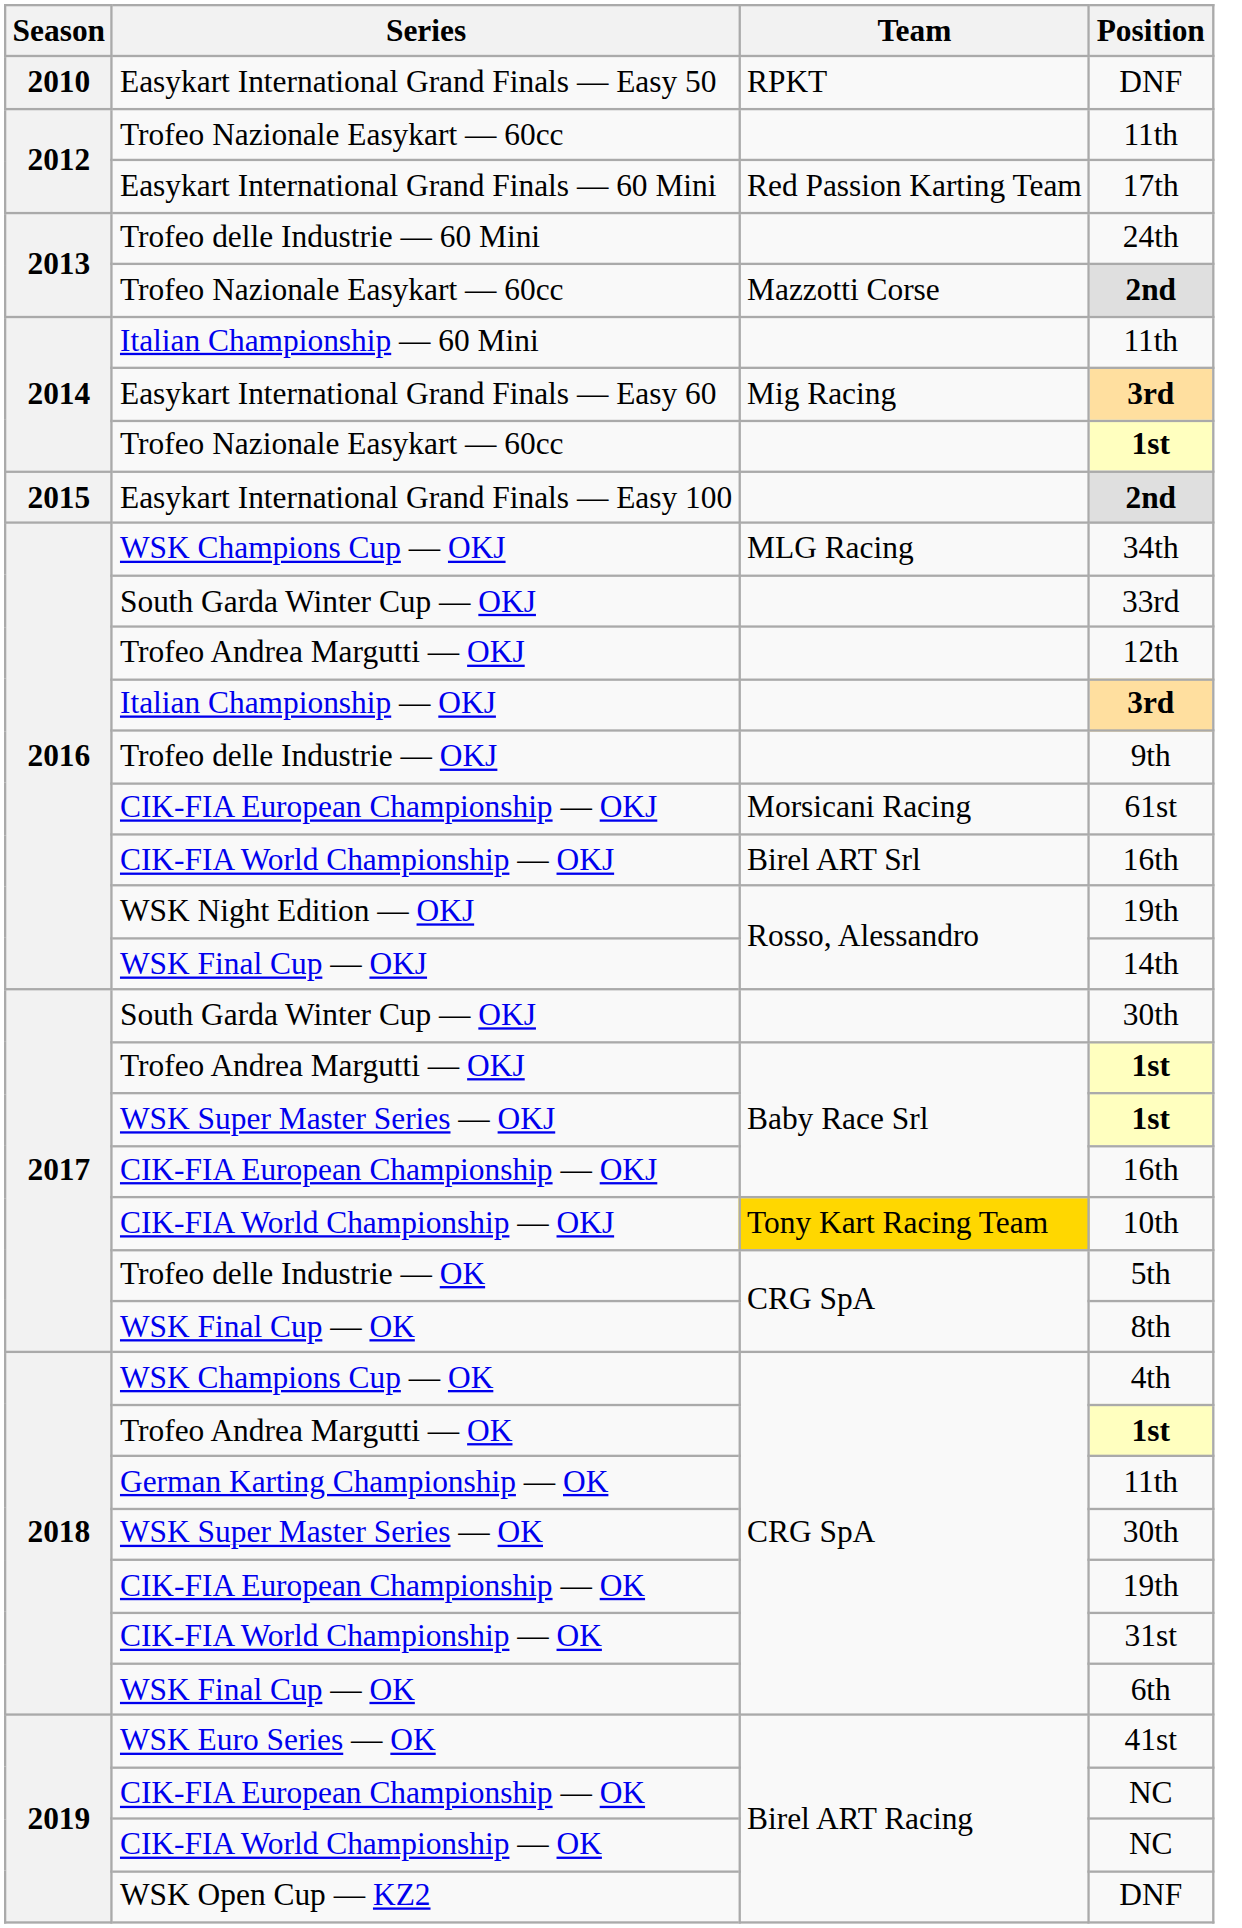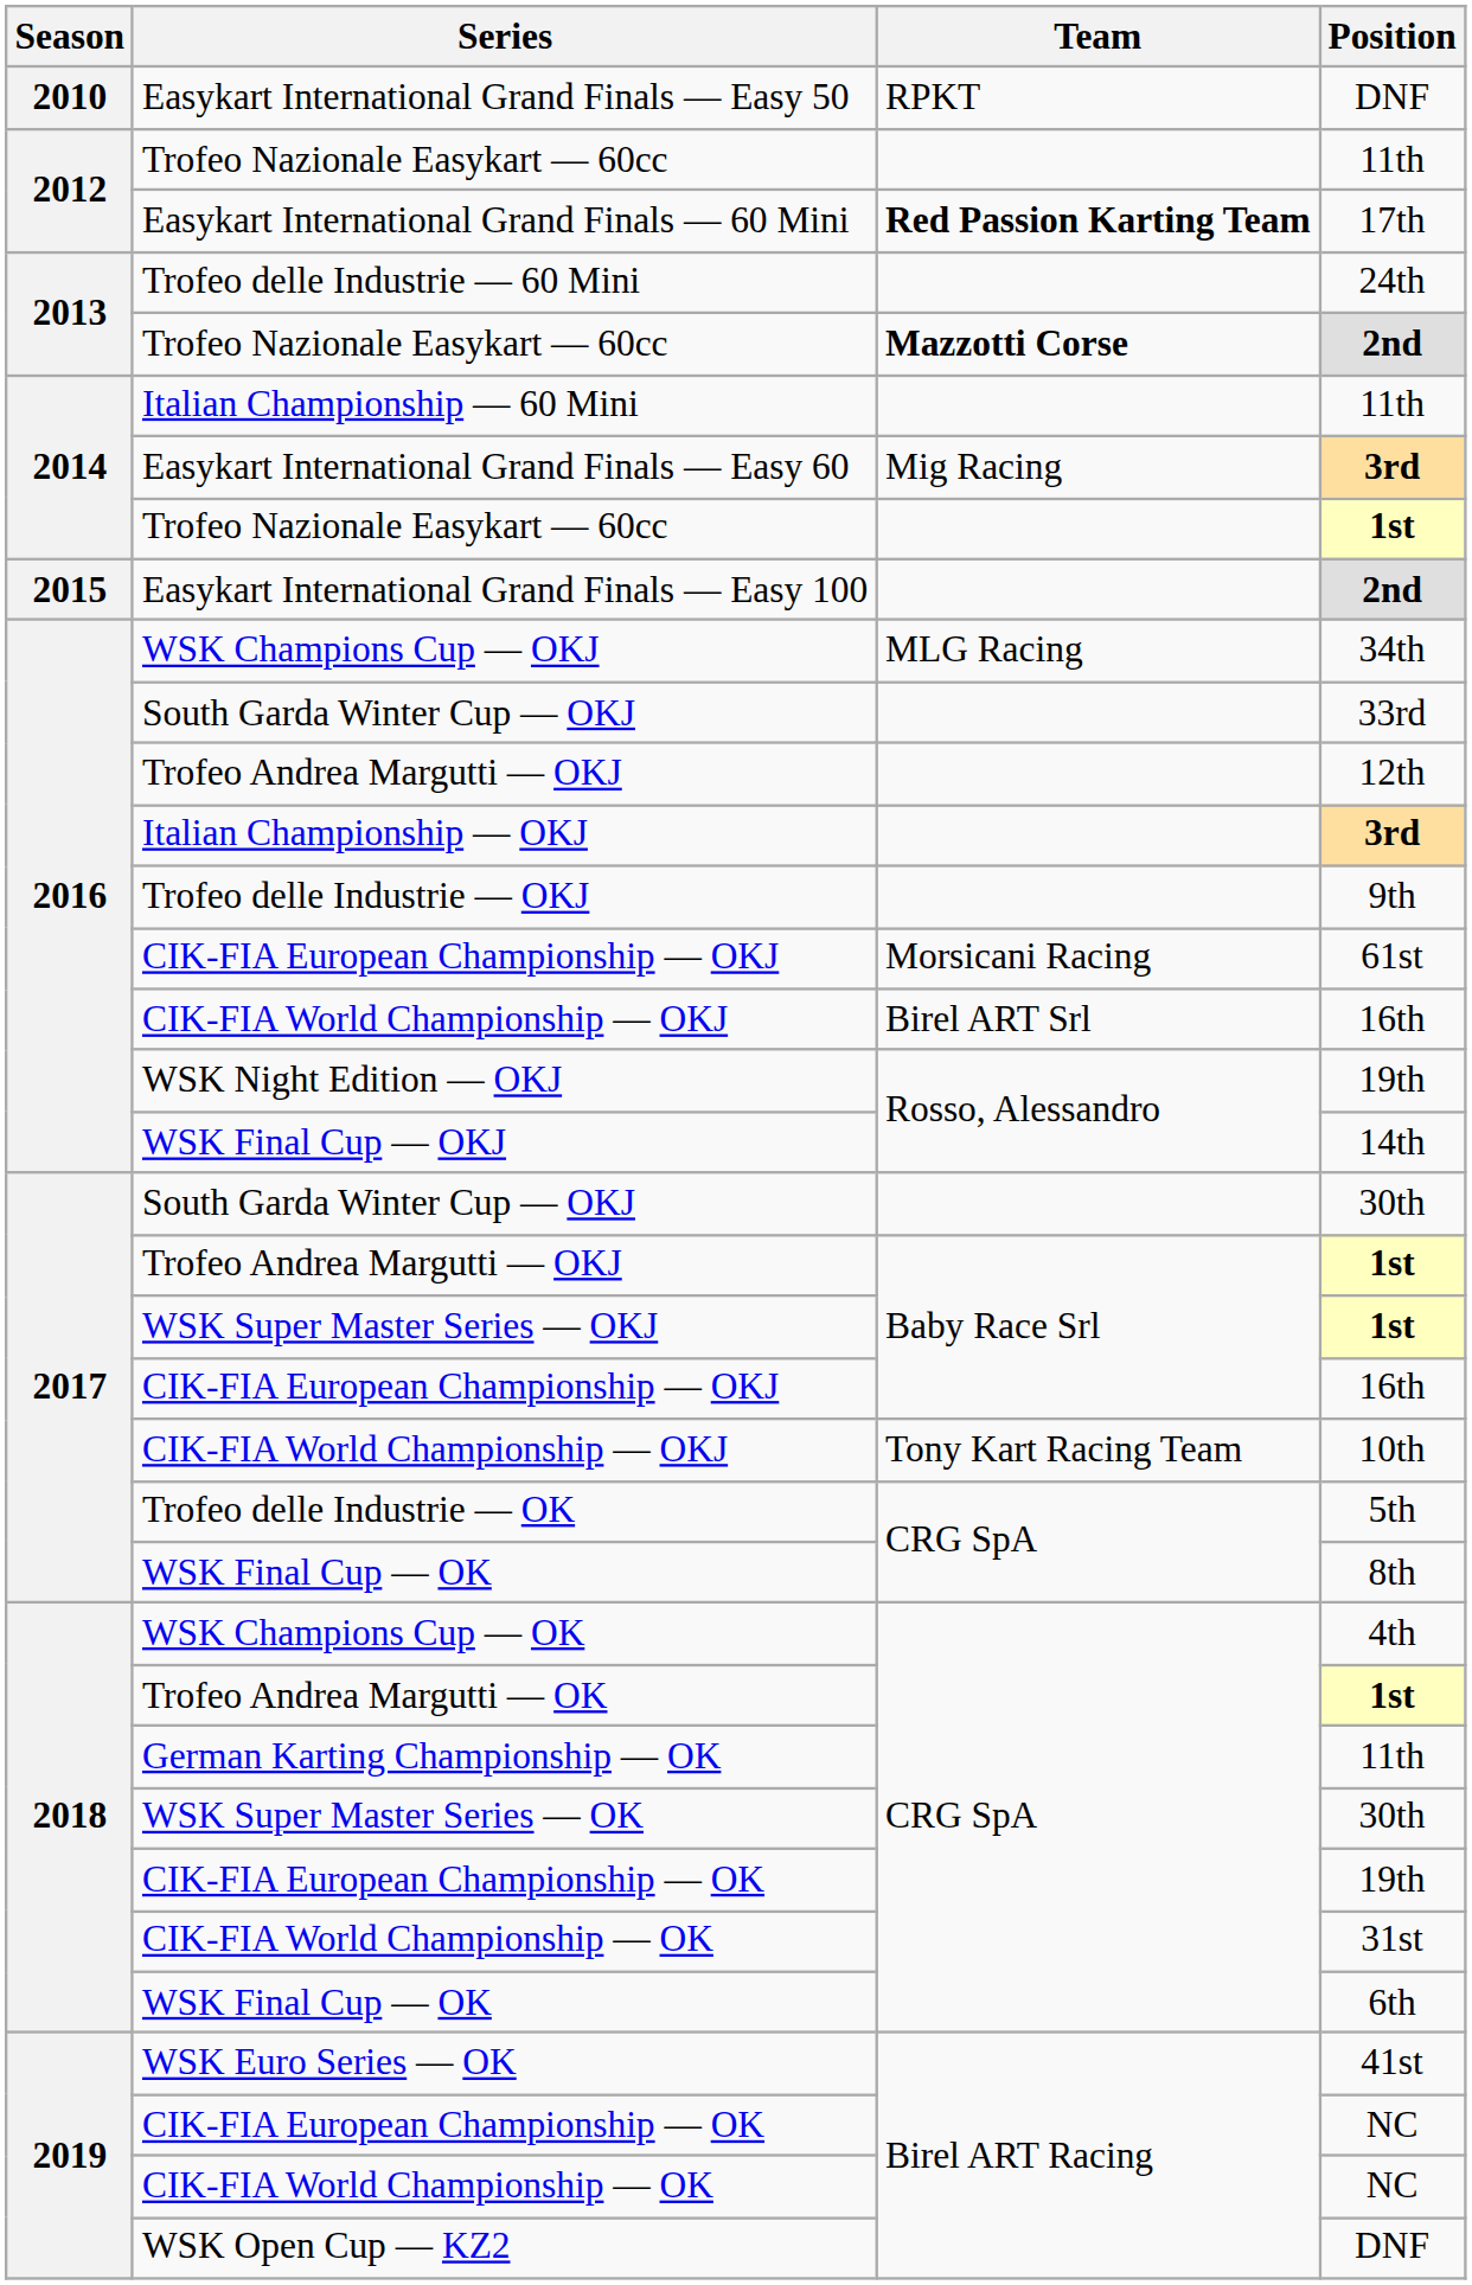 <table class="wikitable" style="font-size: 85%; text-align:center">
 <tr>
 <th>Season</th>
 <th>Series</th>
 <th>Team</th>
 <th>Position</th>
 </tr>
 <tr>
 <th>2010</th>
 <td align="left">Easykart International Grand Finals — Easy 50</td>
 <td align="left">RPKT</td>
 <td>DNF</td>
 </tr>
 <tr>
 <th rowspan="2">2012</th>
 <td align="left">Trofeo Nazionale Easykart — 60cc</td>
 <td align="left"></td>
 <td>11th</td>
 </tr>
 <tr>
 <td align="left">Easykart International Grand Finals — 60 Mini</td>
-<td>Red Passion Karting Team</td>
+<td><strong>Red Passion Karting Team</strong></td>
 <td>17th</td>
 </tr>
 <tr>
 <th rowspan="2">2013</th>
 <td align="left">Trofeo delle Industrie — 60 Mini</td>
 <td></td>
 <td>24th</td>
 </tr>
 <tr>
 <td align="left">Trofeo Nazionale Easykart — 60cc</td>
-<td align="left">Mazzotti Corse</td>
+<td align="left"><strong>Mazzotti Corse</strong></td>
 <td style="background:#DFDFDF;"><strong>2nd</strong></td>
 </tr>
 <tr>
 <th rowspan="3">2014</th>
 <td align="left"><a href='#'>Italian Championship</a> — 60 Mini</td>
 <td></td>
 <td>11th</td>
 </tr>
 <tr>
 <td align="left">Easykart International Grand Finals — Easy 60</td>
 <td align="left">Mig Racing</td>
 <td style="background:#FFDF9F;"><strong>3rd</strong></td>
 </tr>
 <tr>
 <td align="left">Trofeo Nazionale Easykart — 60cc</td>
 <td align="left"></td>
 <td style="background:#FFFFBF;"><strong>1st</strong></td>
 </tr>
 <tr>
 <th>2015</th>
 <td align="left">Easykart International Grand Finals — Easy 100</td>
 <td align="left"></td>
 <td style="background:#DFDFDF;"><strong>2nd</strong></td>
 </tr>
 <tr>
 <th rowspan="9">2016</th>
 <td align="left"><a href='#'>WSK Champions Cup</a> — <a href='#'>OKJ</a></td>
 <td align="left">MLG Racing</td>
 <td>34th</td>
 </tr>
 <tr>
 <td align="left">South Garda Winter Cup — <a href='#'>OKJ</a></td>
 <td align="left"></td>
 <td>33rd</td>
 </tr>
 <tr>
 <td align="left">Trofeo Andrea Margutti — <a href='#'>OKJ</a></td>
 <td></td>
 <td>12th</td>
 </tr>
 <tr>
 <td align="left"><a href='#'>Italian Championship</a> — <a href='#'>OKJ</a></td>
 <td align="left"></td>
 <td style="background:#FFDF9F;"><strong>3rd</strong></td>
 </tr>
 <tr>
 <td align="left">Trofeo delle Industrie — <a href='#'>OKJ</a></td>
 <td align="left"></td>
 <td>9th</td>
 </tr>
 <tr>
 <td align="left"><a href='#'>CIK-FIA European Championship</a> — <a href='#'>OKJ</a></td>
 <td align="left">Morsicani Racing</td>
 <td>61st</td>
 </tr>
 <tr>
 <td align="left"><a href='#'>CIK-FIA World Championship</a> — <a href='#'>OKJ</a></td>
 <td align="left">Birel ART Srl</td>
 <td>16th</td>
 </tr>
 <tr>
 <td align="left">WSK Night Edition — <a href='#'>OKJ</a></td>
 <td rowspan="2"  align="left">Rosso, Alessandro</td>
 <td>19th</td>
 </tr>
 <tr>
 <td align="left"><a href='#'>WSK Final Cup</a> — <a href='#'>OKJ</a></td>
 <td>14th</td>
 </tr>
 <tr>
 <th rowspan="7">2017</th>
 <td align="left">South Garda Winter Cup — <a href='#'>OKJ</a></td>
 <td align="left"></td>
 <td>30th</td>
 </tr>
 <tr>
 <td align="left">Trofeo Andrea Margutti — <a href='#'>OKJ</a></td>
 <td rowspan="3" align="left">Baby Race Srl</td>
 <td style="background:#FFFFBF;"><strong>1st</strong></td>
 </tr>
 <tr>
 <td align="left"><a href='#'>WSK Super Master Series</a> — <a href='#'>OKJ</a></td>
 <td style="background:#FFFFBF;"><strong>1st</strong></td>
 </tr>
 <tr>
 <td align="left"><a href='#'>CIK-FIA European Championship</a> — <a href='#'>OKJ</a></td>
 <td>16th</td>
 </tr>
 <tr>
 <td align="left"><a href='#'>CIK-FIA World Championship</a> — <a href='#'>OKJ</a></td>
-<td align="left" style="background: gold;">Tony Kart Racing Team</td>
+<td align="left">Tony Kart Racing Team</td>
 <td>10th</td>
 </tr>
 <tr>
 <td align="left">Trofeo delle Industrie — <a href='#'>OK</a></td>
 <td rowspan="2"  align="left">CRG SpA</td>
 <td>5th</td>
 </tr>
 <tr>
 <td align="left"><a href='#'>WSK Final Cup</a> — <a href='#'>OK</a></td>
 <td>8th</td>
 </tr>
 <tr>
 <th rowspan="7">2018</th>
 <td align="left"><a href='#'>WSK Champions Cup</a> — <a href='#'>OK</a></td>
 <td rowspan="7" align="left">CRG SpA</td>
 <td>4th</td>
 </tr>
 <tr>
 <td align="left">Trofeo Andrea Margutti — <a href='#'>OK</a></td>
 <td style="background:#FFFFBF;"><strong>1st</strong></td>
 </tr>
 <tr>
 <td align="left"><a href='#'>German Karting Championship</a> — <a href='#'>OK</a></td>
 <td>11th</td>
 </tr>
 <tr>
 <td align="left"><a href='#'>WSK Super Master Series</a> — <a href='#'>OK</a></td>
 <td>30th</td>
 </tr>
 <tr>
 <td align="left"><a href='#'>CIK-FIA European Championship</a> — <a href='#'>OK</a></td>
 <td>19th</td>
 </tr>
 <tr>
 <td align="left"><a href='#'>CIK-FIA World Championship</a> — <a href='#'>OK</a></td>
 <td>31st</td>
 </tr>
 <tr>
 <td align="left"><a href='#'>WSK Final Cup</a> — <a href='#'>OK</a></td>
 <td>6th</td>
 </tr>
 <tr>
 <th rowspan="4">2019</th>
 <td align="left"><a href='#'>WSK Euro Series</a> — <a href='#'>OK</a></td>
 <td rowspan="4"  align="left">Birel ART Racing</td>
 <td>41st</td>
 </tr>
 <tr>
 <td align="left"><a href='#'>CIK-FIA European Championship</a> — <a href='#'>OK</a></td>
 <td>NC</td>
 </tr>
 <tr>
 <td align="left"><a href='#'>CIK-FIA World Championship</a> — <a href='#'>OK</a></td>
 <td>NC</td>
 </tr>
 <tr>
 <td align="left">WSK Open Cup — <a href='#'>KZ2</a></td>
 <td>DNF</td>
 </tr>
 </table>
